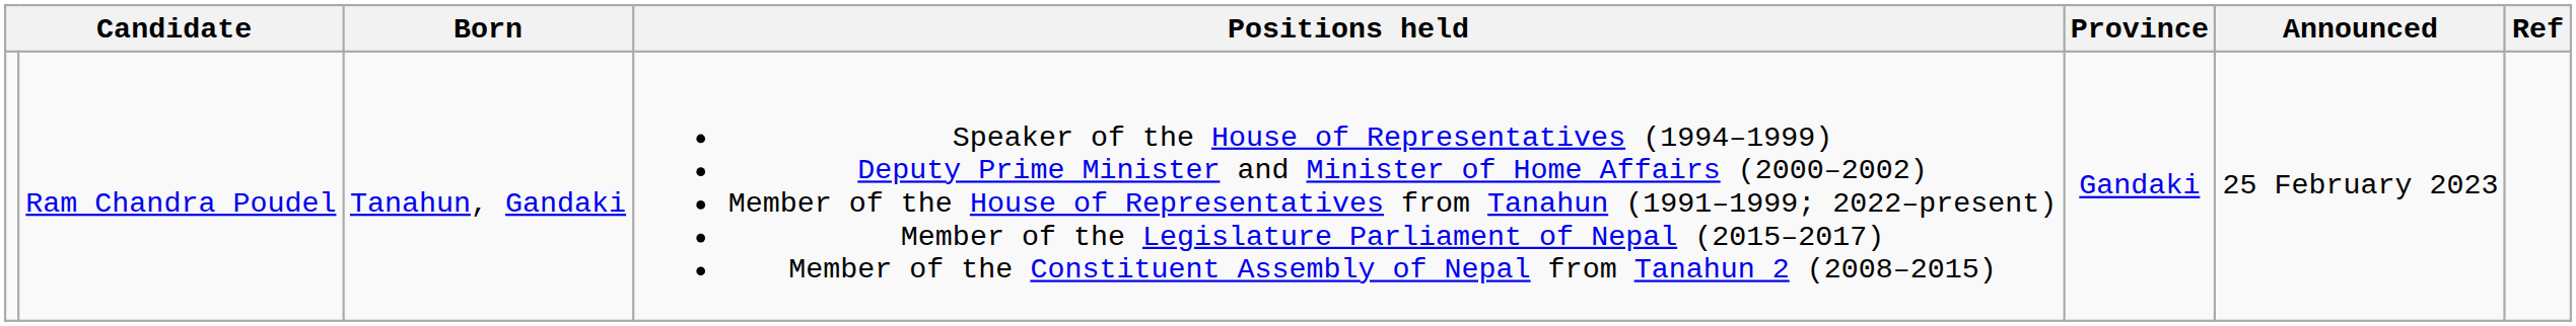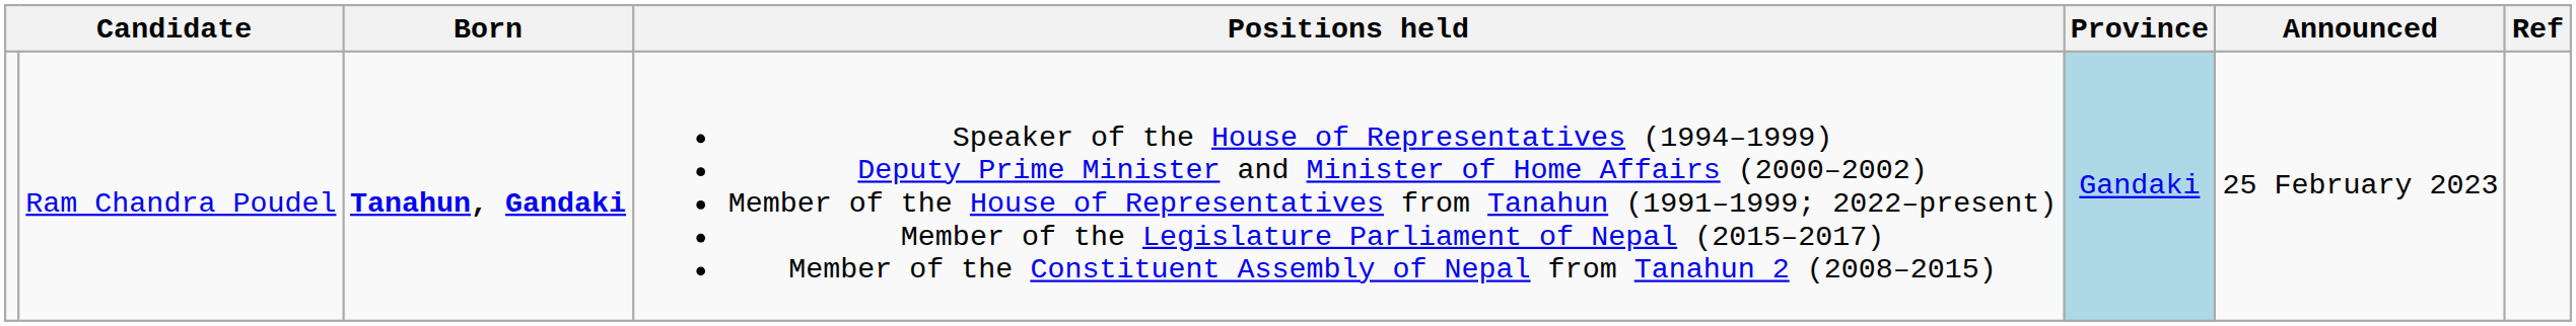 <table class="wikitable sortable"  style="text-align:center">
 <tr>
 <th colspan="2">Candidate</th>
 <th>Born</th>
 <th>Positions held</th>
 <th>Province</th>
 <th>Announced</th>
 <th class="unsortable">Ref</th>
 </tr>
 <tr>
 <td></td>
 <td><br><a href='#'>Ram Chandra Poudel</a></td>
-<td><br><a href='#'>Tanahun</a>, <a href='#'>Gandaki</a></td>
+<td><strong><br><a href='#'>Tanahun</a>, <a href='#'>Gandaki</a></strong></td>
 <td><br><ul><li>Speaker of the <a href='#'>House of Representatives</a> (1994–1999)</li><li><a href='#'>Deputy Prime Minister</a> and <a href='#'>Minister of Home Affairs</a> (2000–2002)</li><li>Member of the <a href='#'>House of Representatives</a> from <a href='#'>Tanahun</a> (1991–1999; 2022–present)</li><li>Member of the <a href='#'>Legislature Parliament of Nepal</a> (2015–2017)</li><li>Member of the <a href='#'>Constituent Assembly of Nepal</a> from <a href='#'>Tanahun 2</a> (2008–2015)</li></ul></td>
-<td><a href='#'>Gandaki</a></td>
+<td style="background: lightblue;"><a href='#'>Gandaki</a></td>
 <td>25 February 2023</td>
 <td></td>
 </tr>
 </table>
